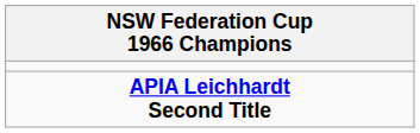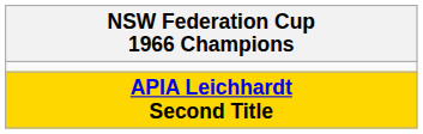 <table class="wikitable" style="text-align: center; margin: 0 auto; width: 20%">
 <tr>
 <th>NSW Federation Cup<br>1966 Champions</th>
 </tr>
 <tr>
 <td></td>
 </tr>
 <tr>
-<td><strong><a href='#'>APIA Leichhardt</a></strong><br><strong>Second Title</strong></td>
+<td style="background: gold;"><strong><a href='#'>APIA Leichhardt</a></strong><br><strong>Second Title</strong></td>
 </tr>
 </table>
